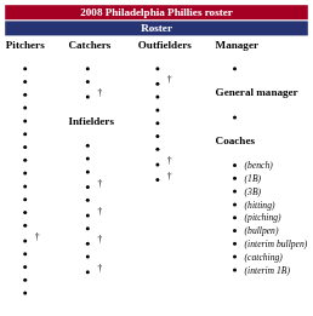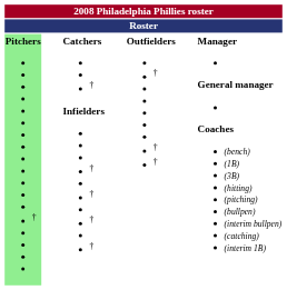 <table class="toccolours" style="font-size: 95%;">
 <tr>
 <th colspan="10" style="background-color: #A50024; color: #FFFFFF; text-align: center;"><strong>2008 Philadelphia Phillies roster</strong></th>
 </tr>
 <tr>
 <td colspan="7" style="background-color: #263473; color: white; text-align: center;"><strong>Roster</strong></td>
 </tr>
 <tr>
-<td valign="top"><strong>Pitchers</strong><br><ul><li></li><li></li><li></li><li></li><li></li><li></li><li></li><li></li><li></li><li></li><li></li><li></li><li></li><li><sup>†</sup></li><li></li><li></li><li></li><li></li></ul></td>
+<td valign="top" style="background: lightgreen;"><strong>Pitchers</strong><br><ul><li></li><li></li><li></li><li></li><li></li><li></li><li></li><li></li><li></li><li></li><li></li><li></li><li></li><li><sup>†</sup></li><li></li><li></li><li></li><li></li></ul></td>
 <td width="25"></td>
 <td valign="top"><strong>Catchers</strong><br><ul><li></li><li></li><li><sup>†</sup></li></ul><strong>Infielders</strong><ul><li></li><li></li><li></li><li><sup>†</sup></li><li></li><li><sup>†</sup></li><li></li><li><sup>†</sup></li><li></li><li><sup>†</sup></li></ul></td>
 <td width="25"></td>
 <td valign="top"><strong>Outfielders</strong><br><ul><li></li><li><sup>†</sup></li><li></li><li></li><li></li><li></li><li></li><li><sup>†</sup></li><li><sup>†</sup></li></ul></td>
 <td width="25"></td>
 <td valign="top"><strong>Manager</strong><br><ul><li></li></ul><strong>General manager</strong><ul><li></li></ul><strong>Coaches</strong><ul><li> <small><em>(bench)</em></small></li><li> <small><em>(1B)</em></small></li><li>  <small><em>(3B)</em></small></li><li> <small><em>(hitting)</em></small></li><li> <small><em>(pitching)</em></small></li><li> <small><em>(bullpen)</em></small></li><li> <small><em>(interim bullpen)</em> </small></li><li> <small><em>(catching)</em></small></li><li> <small><em>(interim 1B)</em></small></li></ul></td>
 </tr>
 <tr>
 </tr>
 </table>
